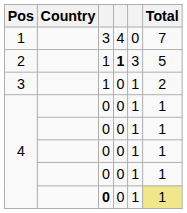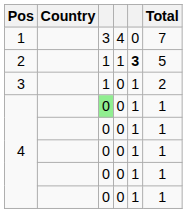 <table class=wikitable style="font-size:95%; text-align: center">
 <tr>
 <th>Pos</th>
 <th>Country</th>
 <th></th>
 <th></th>
 <th></th>
 <th>Total</th>
 </tr>
 <tr>
 <td>1</td>
 <td style="text-align:left"></td>
 <td>3</td>
 <td>4</td>
 <td>0</td>
 <td>7</td>
 </tr>
 <tr>
 <td>2</td>
 <td style="text-align:left"></td>
 <td>1</td>
-<td><strong>1</strong></td>
-<td>3</td>
+<td>1</td>
+<td><strong>3</strong></td>
 <td>5</td>
 </tr>
 <tr>
 <td>3</td>
 <td style="text-align:left"></td>
 <td>1</td>
 <td>0</td>
 <td>1</td>
 <td>2</td>
 </tr>
 <tr>
 <td rowspan=5>4</td>
+<td style=text-align:left></td>
+<td style="background: lightgreen;">0</td>
+<td>0</td>
+<td>1</td>
+<td>1</td>
+</tr>
+<tr>
 <td style=text-align:left></td>
 <td>0</td>
 <td>0</td>
 <td>1</td>
 <td>1</td>
 </tr>
 <tr>
 <td style=text-align:left></td>
 <td>0</td>
 <td>0</td>
 <td>1</td>
 <td>1</td>
 </tr>
 <tr>
 <td style=text-align:left></td>
 <td>0</td>
 <td>0</td>
 <td>1</td>
 <td>1</td>
 </tr>
 <tr>
 <td style=text-align:left></td>
 <td>0</td>
 <td>0</td>
 <td>1</td>
 <td>1</td>
 </tr>
-<tr>
-<td style=text-align:left></td>
-<td><strong>0</strong></td>
-<td>0</td>
-<td>1</td>
-<td style="background: khaki;">1</td>
-</tr>
 </table>
